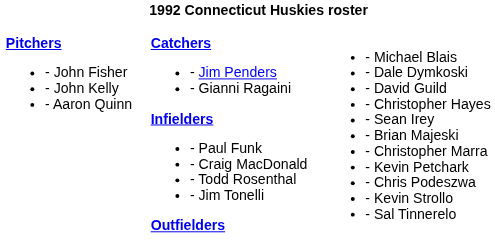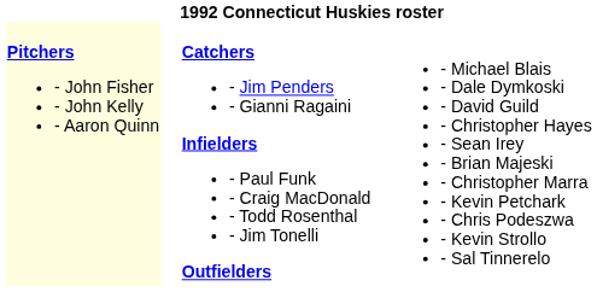 <table class="toccolours" style="border-collapse:collapse; font-size:90%;">
 <tr>
 <th colspan=9>1992 Connecticut Huskies roster</th>
 </tr>
 <tr>
 </tr>
 <tr>
 <td width="03"> </td>
-<td valign="top"><br><strong><a href='#'>Pitchers</a></strong><ul><li>- John Fisher</li><li>- John Kelly</li><li>- Aaron Quinn</li></ul></td>
+<td valign="top" style="background: lightyellow;"><br><strong><a href='#'>Pitchers</a></strong><ul><li>- John Fisher</li><li>- John Kelly</li><li>- Aaron Quinn</li></ul></td>
 <td width="15"> </td>
 <td valign="top"><br><strong><a href='#'>Catchers</a></strong><ul><li>- <a href='#'>Jim Penders</a></li><li>- Gianni Ragaini</li></ul><strong><a href='#'>Infielders</a></strong><ul><li>- Paul Funk</li><li>- Craig MacDonald</li><li>- Todd Rosenthal</li><li>- Jim Tonelli</li></ul><strong><a href='#'>Outfielders</a></strong></td>
 <td width="15"> </td>
 <td valign="top"><br><ul><li>- Michael Blais</li><li>- Dale Dymkoski</li><li>- David Guild</li><li>- Christopher Hayes</li><li>- Sean Irey</li><li>- Brian Majeski</li><li>- Christopher Marra</li><li>- Kevin Petchark</li><li>- Chris Podeszwa</li><li>- Kevin Strollo</li><li>- Sal Tinnerelo</li></ul></td>
 <td width="25"> </td>
 </tr>
 </table>
